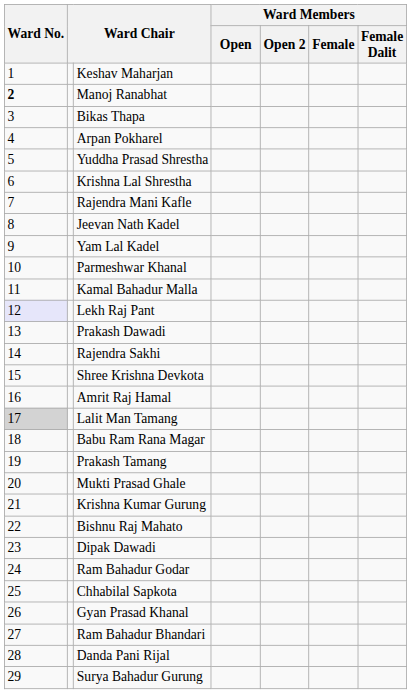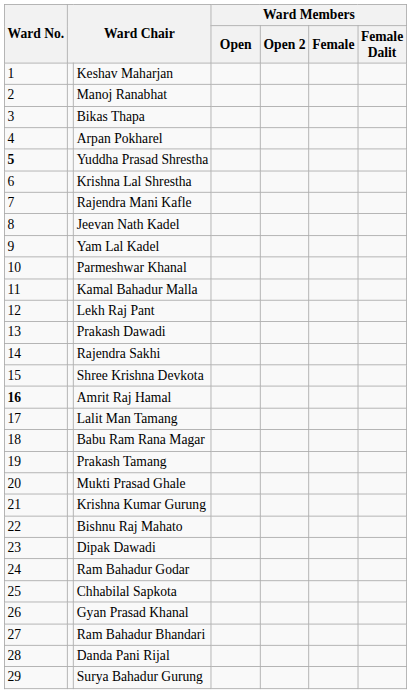 <table class="wikitable">
 <tr>
 <th rowspan="2">Ward No.</th>
 <th colspan="2" rowspan="2">Ward Chair</th>
 <th colspan="4">Ward Members</th>
 </tr>
 <tr>
 <th width="50px">Open</th>
 <th width="50px">Open 2</th>
 <th width="50px">Female</th>
 <th width="50px">Female Dalit</th>
 </tr>
 <tr>
 <td>1</td>
 <td style="background-color:"><br></td>
 <td>Keshav Maharjan</td>
 <td style="background-color:"><br></td>
 <td style="background-color:"><br></td>
 <td style="background-color:"><br></td>
 <td style="background-color:"><br></td>
 </tr>
 <tr>
-<td><strong>2</strong></td>
+<td>2</td>
 <td style="background-color:"><br></td>
 <td>Manoj Ranabhat</td>
 <td style="background-color:"><br></td>
 <td style="background-color:"><br></td>
 <td style="background-color:"><br></td>
 <td style="background-color:"><br></td>
 </tr>
 <tr>
 <td>3</td>
 <td style="background-color:"><br></td>
 <td>Bikas Thapa</td>
 <td style="background-color:"><br></td>
 <td style="background-color:"><br></td>
 <td style="background-color:"><br></td>
 <td style="background-color:"><br></td>
 </tr>
 <tr>
 <td>4</td>
 <td style="background-color:"><br></td>
 <td>Arpan Pokharel</td>
 <td style="background-color:"><br></td>
 <td style="background-color:"><br></td>
 <td style="background-color:"><br></td>
 <td style="background-color:"><br></td>
 </tr>
 <tr>
-<td>5</td>
+<td><strong>5</strong></td>
 <td style="background-color:"><br></td>
 <td>Yuddha Prasad Shrestha</td>
 <td style="background-color:"><br></td>
 <td style="background-color:"><br></td>
 <td style="background-color:"><br></td>
 <td style="background-color:"><br></td>
 </tr>
 <tr>
 <td>6</td>
 <td style="background-color:"><br></td>
 <td>Krishna Lal Shrestha</td>
 <td style="background-color:"><br></td>
 <td style="background-color:"><br></td>
 <td style="background-color:"><br></td>
 <td style="background-color:"><br></td>
 </tr>
 <tr>
 <td>7</td>
 <td style="background-color:"><br></td>
 <td>Rajendra Mani Kafle</td>
 <td style="background-color:"><br></td>
 <td style="background-color:"><br></td>
 <td style="background-color:"><br></td>
 <td style="background-color:"><br></td>
 </tr>
 <tr>
 <td>8</td>
 <td style="background-color:"><br></td>
 <td>Jeevan Nath Kadel</td>
 <td style="background-color:"><br></td>
 <td style="background-color:"><br></td>
 <td style="background-color:"><br></td>
 <td style="background-color:"><br></td>
 </tr>
 <tr>
 <td>9</td>
 <td style="background-color:"><br></td>
 <td>Yam Lal Kadel</td>
 <td style="background-color:"><br></td>
 <td style="background-color:"><br></td>
 <td style="background-color:"><br></td>
 <td style="background-color:"><br></td>
 </tr>
 <tr>
 <td>10</td>
 <td style="background-color:"><br></td>
 <td>Parmeshwar Khanal</td>
 <td style="background-color:"><br></td>
 <td style="background-color:"><br></td>
 <td style="background-color:"><br></td>
 <td style="background-color:"><br></td>
 </tr>
 <tr>
 <td>11</td>
 <td style="background-color:"><br></td>
 <td>Kamal Bahadur Malla</td>
 <td style="background-color:"><br></td>
 <td style="background-color:"><br></td>
 <td style="background-color:"><br></td>
 <td style="background-color:"><br></td>
 </tr>
 <tr>
-<td style="background: lavender;">12</td>
+<td>12</td>
 <td style="background-color:"><br></td>
 <td>Lekh Raj Pant</td>
 <td style="background-color:"><br></td>
 <td style="background-color:"><br></td>
 <td style="background-color:"><br></td>
 <td style="background-color:"><br></td>
 </tr>
 <tr>
 <td>13</td>
 <td style="background-color:"><br></td>
 <td>Prakash Dawadi</td>
 <td style="background-color:"><br></td>
 <td style="background-color:"><br></td>
 <td style="background-color:"><br></td>
 <td style="background-color:"><br></td>
 </tr>
 <tr>
 <td>14</td>
 <td style="background-color:"><br></td>
 <td>Rajendra Sakhi</td>
 <td style="background-color:"><br></td>
 <td style="background-color:"><br></td>
 <td style="background-color:"><br></td>
 <td style="background-color:"><br></td>
 </tr>
 <tr>
 <td>15</td>
 <td style="background-color:"><br></td>
 <td>Shree Krishna Devkota</td>
 <td style="background-color:"><br></td>
 <td style="background-color:"><br></td>
 <td style="background-color:"><br></td>
 <td style="background-color:"><br></td>
 </tr>
 <tr>
-<td>16</td>
+<td><strong>16</strong></td>
 <td style="background-color:"><br></td>
 <td>Amrit Raj Hamal</td>
 <td style="background-color:"><br></td>
 <td style="background-color:"><br></td>
 <td style="background-color:"><br></td>
 <td style="background-color:"><br></td>
 </tr>
 <tr>
-<td style="background: lightgrey;">17</td>
+<td>17</td>
 <td style="background-color:"><br></td>
 <td>Lalit Man Tamang</td>
 <td style="background-color:"><br></td>
 <td style="background-color:"><br></td>
 <td style="background-color:"><br></td>
 <td style="background-color:"><br></td>
 </tr>
 <tr>
 <td>18</td>
 <td style="background-color:"><br></td>
 <td>Babu Ram Rana Magar</td>
 <td style="background-color:"><br></td>
 <td style="background-color:"><br></td>
 <td style="background-color:"><br></td>
 <td style="background-color:"><br></td>
 </tr>
 <tr>
 <td>19</td>
 <td style="background-color:"><br></td>
 <td>Prakash Tamang</td>
 <td style="background-color:"><br></td>
 <td style="background-color:"><br></td>
 <td style="background-color:"><br></td>
 <td style="background-color:"><br></td>
 </tr>
 <tr>
 <td>20</td>
 <td style="background-color:"><br></td>
 <td>Mukti Prasad Ghale</td>
 <td style="background-color:"><br></td>
 <td style="background-color:"><br></td>
 <td style="background-color:"><br></td>
 <td style="background-color:"><br></td>
 </tr>
 <tr>
 <td>21</td>
 <td style="background-color:"><br></td>
 <td>Krishna Kumar Gurung</td>
 <td style="background-color:"><br></td>
 <td style="background-color:"><br></td>
 <td style="background-color:"><br></td>
 <td style="background-color:"><br></td>
 </tr>
 <tr>
 <td>22</td>
 <td style="background-color:"><br></td>
 <td>Bishnu Raj Mahato</td>
 <td style="background-color:"><br></td>
 <td style="background-color:"><br></td>
 <td style="background-color:"><br></td>
 <td style="background-color:"><br></td>
 </tr>
 <tr>
 <td>23</td>
 <td style="background-color:"><br></td>
 <td>Dipak Dawadi</td>
 <td style="background-color:"><br></td>
 <td style="background-color:"><br></td>
 <td style="background-color:"><br></td>
 <td style="background-color:"><br></td>
 </tr>
 <tr>
 <td>24</td>
 <td style="background-color:"><br></td>
 <td>Ram Bahadur Godar</td>
 <td style="background-color:"><br></td>
 <td style="background-color:"><br></td>
 <td style="background-color:"><br></td>
 <td style="background-color:"><br></td>
 </tr>
 <tr>
 <td>25</td>
 <td style="background-color:"><br></td>
 <td>Chhabilal Sapkota</td>
 <td style="background-color:"><br></td>
 <td style="background-color:"><br></td>
 <td style="background-color:"><br></td>
 <td style="background-color:"><br></td>
 </tr>
 <tr>
 <td>26</td>
 <td style="background-color:"><br></td>
 <td>Gyan Prasad Khanal</td>
 <td style="background-color:"><br></td>
 <td style="background-color:"><br></td>
 <td style="background-color:"><br></td>
 <td style="background-color:"><br></td>
 </tr>
 <tr>
 <td>27</td>
 <td style="background-color:"><br></td>
 <td>Ram Bahadur Bhandari</td>
 <td style="background-color:"><br></td>
 <td style="background-color:"><br></td>
 <td style="background-color:"><br></td>
 <td style="background-color:"><br></td>
 </tr>
 <tr>
 <td>28</td>
 <td style="background-color:"><br></td>
 <td>Danda Pani Rijal</td>
 <td style="background-color:"><br></td>
 <td style="background-color:"><br></td>
 <td style="background-color:"><br></td>
 <td style="background-color:"><br></td>
 </tr>
 <tr>
 <td>29</td>
 <td style="background-color:"><br></td>
 <td>Surya Bahadur Gurung</td>
 <td style="background-color:"><br></td>
 <td style="background-color:"><br></td>
 <td style="background-color:"><br></td>
 <td style="background-color:"><br></td>
 </tr>
 </table>
